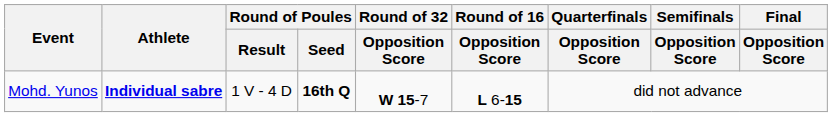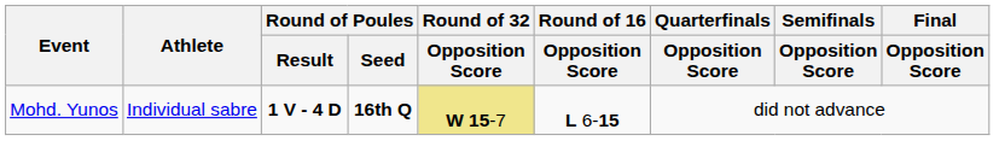 <table class="wikitable" border="1" style="font-size:90%">
 <tr>
 <th rowspan=2>Event</th>
 <th rowspan=2>Athlete</th>
 <th colspan=2>Round of Poules</th>
 <th>Round of 32</th>
 <th>Round of 16</th>
 <th>Quarterfinals</th>
 <th>Semifinals</th>
 <th>Final</th>
 </tr>
 <tr>
 <th>Result</th>
 <th>Seed</th>
 <th>Opposition<br>Score</th>
 <th>Opposition<br>Score</th>
 <th>Opposition<br>Score</th>
 <th>Opposition<br>Score</th>
 <th>Opposition<br>Score</th>
 </tr>
 <tr>
 <td><a href='#'>Mohd. Yunos</a></td>
-<td><strong><a href='#'>Individual sabre</a></strong></td>
-<td align=center>1 V - 4 D</td>
+<td><a href='#'>Individual sabre</a></td>
+<td align=center><strong>1 V - 4 D</strong></td>
 <td align=center><strong>16th Q</strong></td>
-<td align=center><br><strong>W</strong> <strong>15</strong>-7</td>
+<td align=center style="background: khaki;"><br><strong>W</strong> <strong>15</strong>-7</td>
 <td align=center><br><strong>L</strong> 6-<strong>15</strong></td>
 <td align=center colspan="7">did not advance</td>
 </tr>
 </table>
